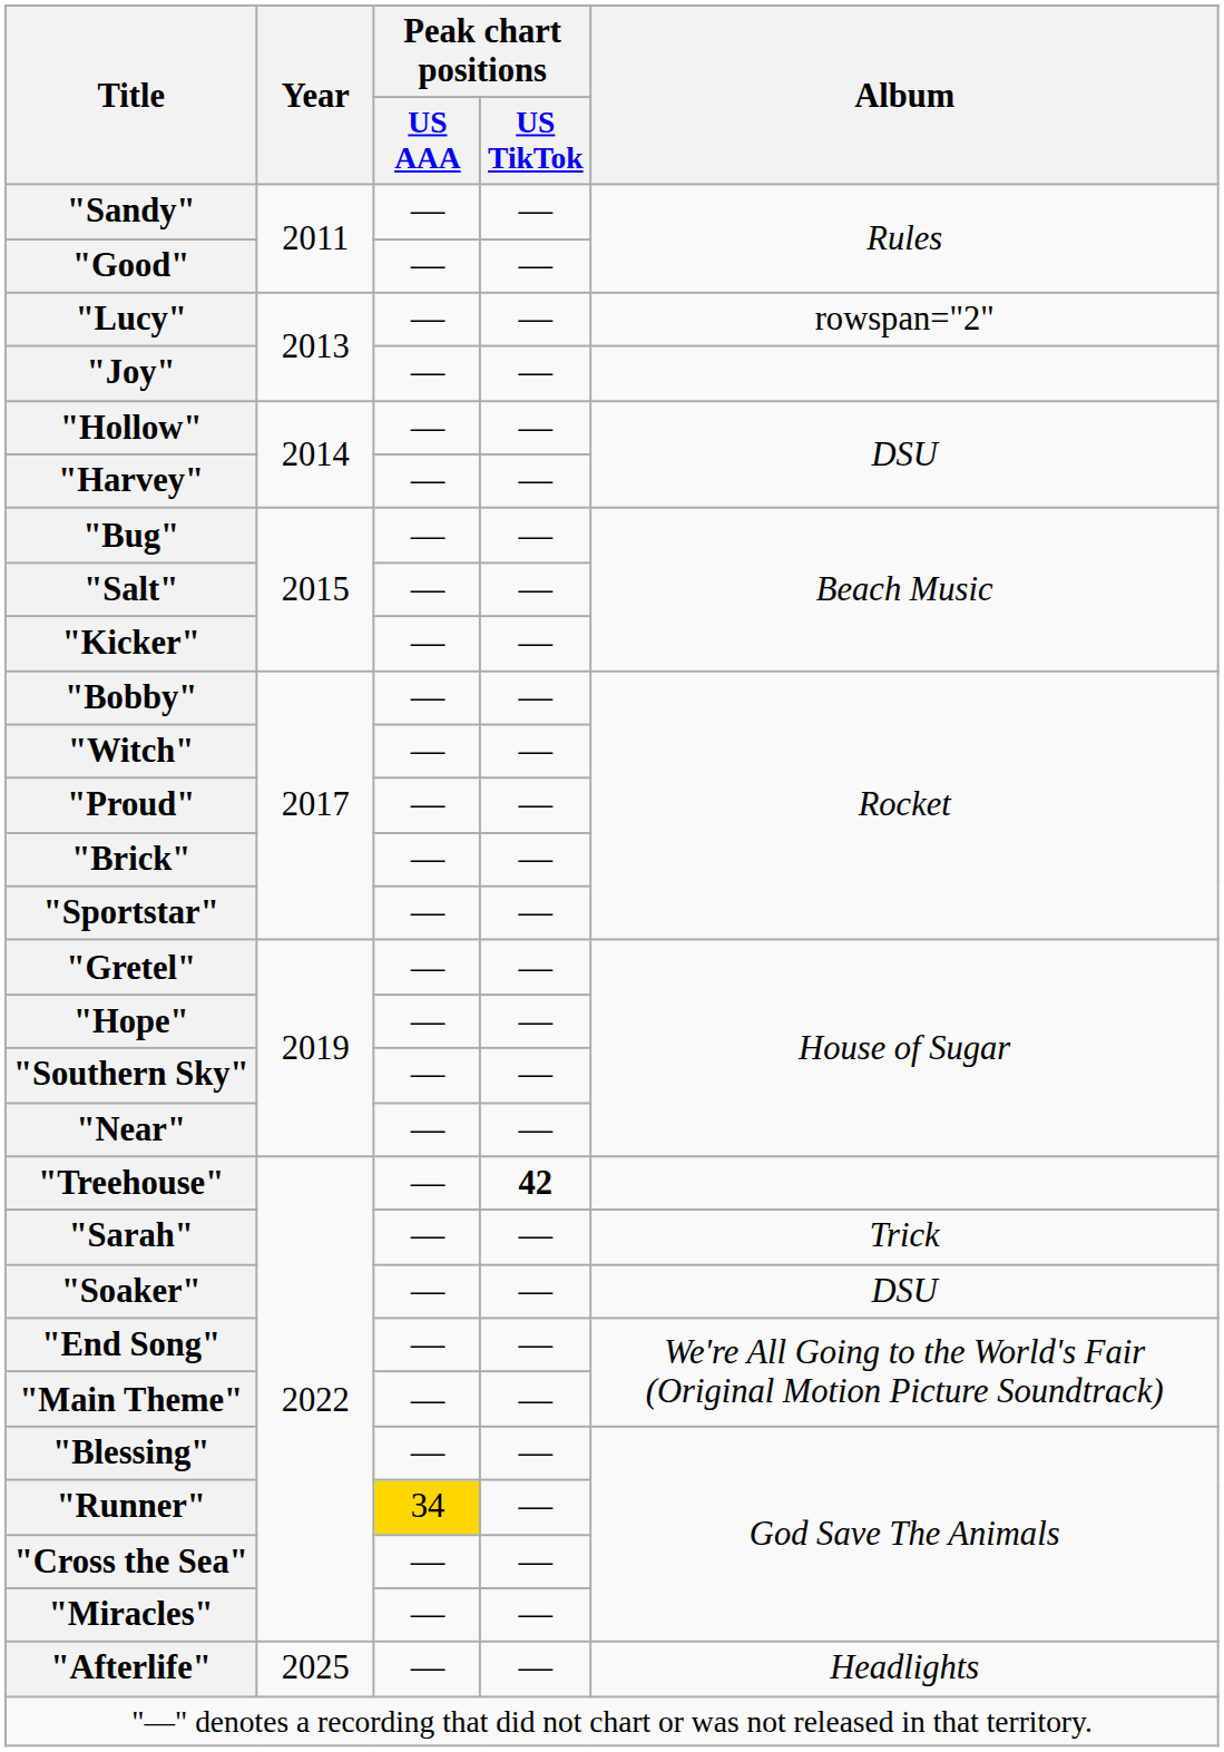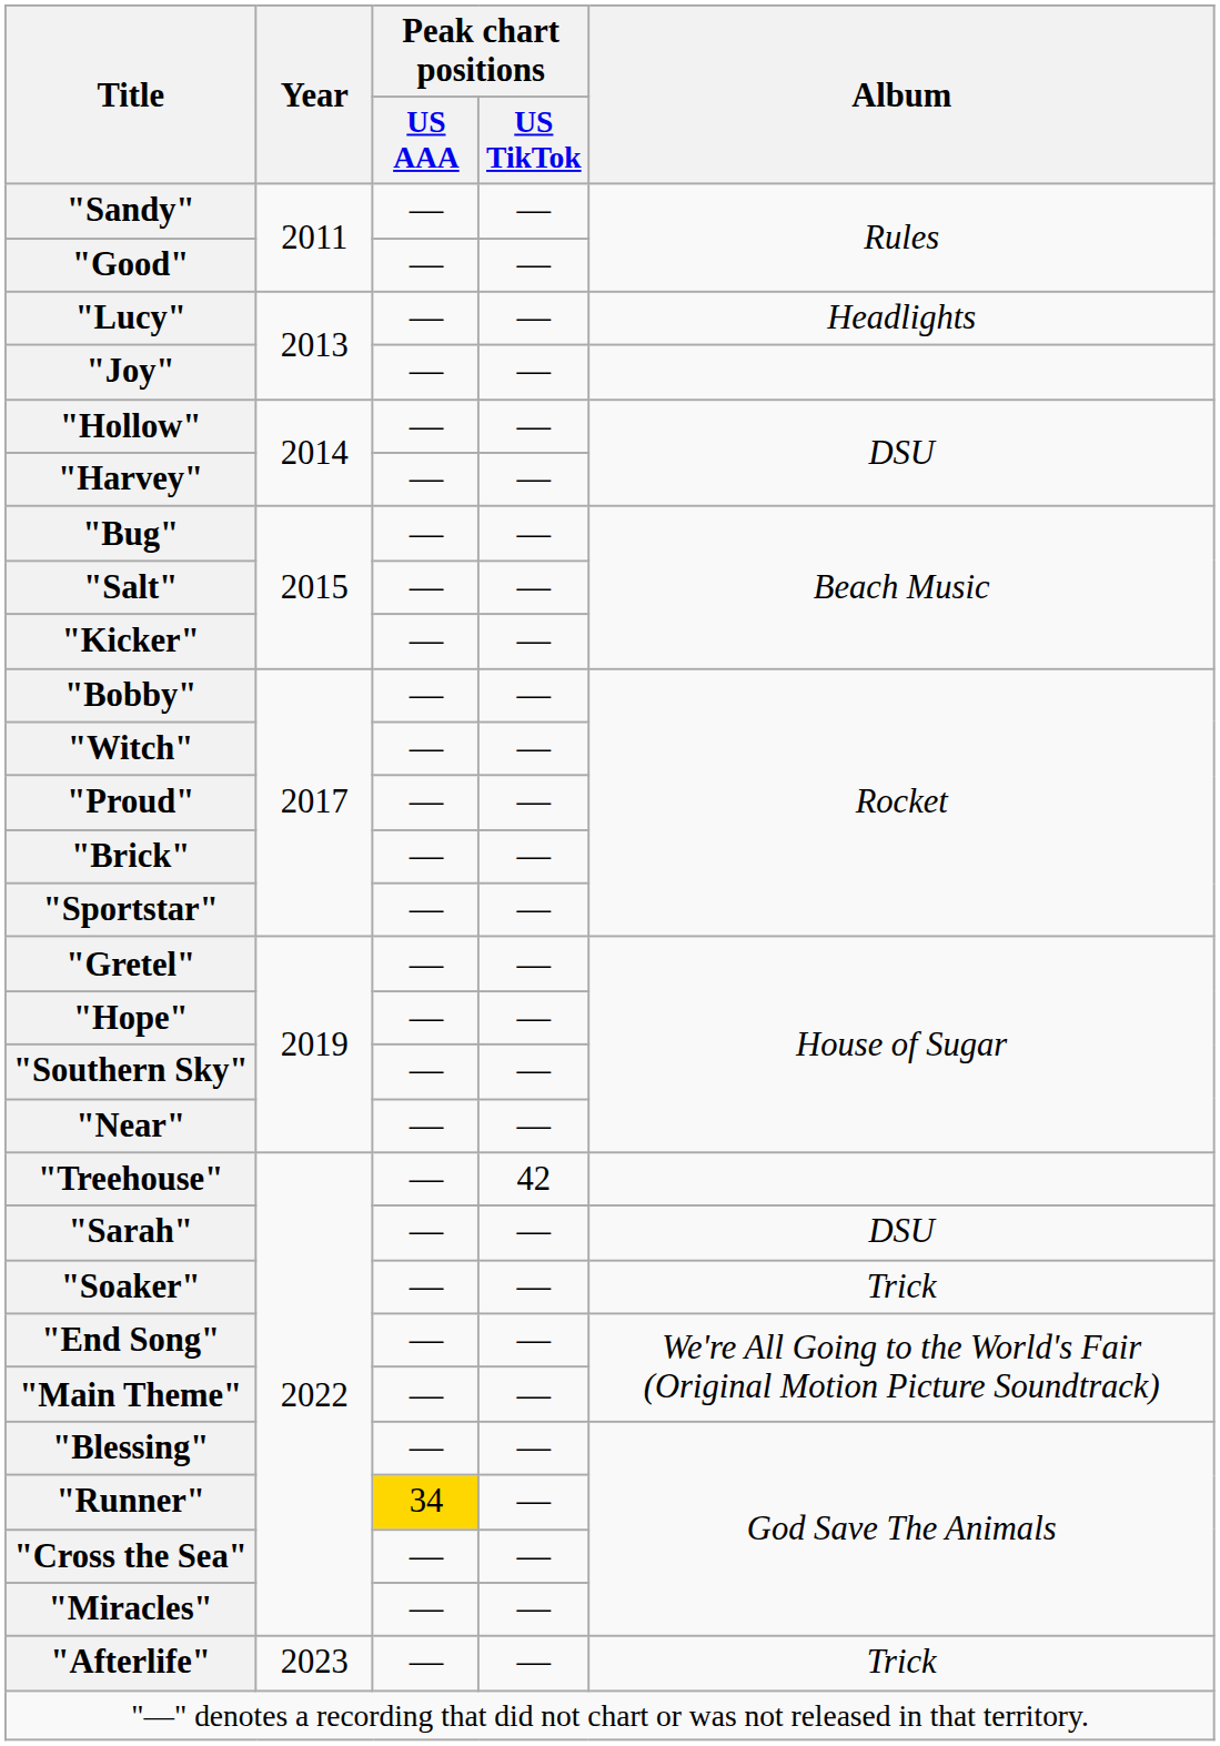 <table class="wikitable plainrowheaders" style="text-align:center;">
 <tr>
 <th scope="col" rowspan="2">Title</th>
 <th scope="col" rowspan="2" style="width:3em;">Year</th>
 <th colspan="2" scope="col">Peak chart positions</th>
 <th scope="col" rowspan="2" style="width:18em">Album</th>
 </tr>
 <tr>
 <th scope="col" style="width:3em;font-size:90%;"><a href='#'>US<br>AAA</a><br></th>
 <th scope="col" style="width:3em;font-size:90%;"><a href='#'>US<br>TikTok</a><br></th>
 </tr>
 <tr>
 <th scope="row">"Sandy"</th>
 <td rowspan="2">2011</td>
 <td>—</td>
 <td>—</td>
 <td rowspan="2"><em>Rules</em></td>
 </tr>
 <tr>
 <th scope="row">"Good"</th>
 <td>—</td>
 <td>—</td>
 </tr>
 <tr>
 <th scope="row">"Lucy"</th>
 <td rowspan="2">2013</td>
 <td>—</td>
 <td>—</td>
-<td>rowspan="2" </td>
+<td><em>Headlights</em></td>
 </tr>
 <tr>
 <th scope="row">"Joy"</th>
 <td>—</td>
 <td>—</td>
 </tr>
 <tr>
 <th scope="row">"Hollow"</th>
 <td rowspan="2">2014</td>
 <td>—</td>
 <td>—</td>
 <td rowspan="2"><em>DSU</em></td>
 </tr>
 <tr>
 <th scope="row">"Harvey"</th>
 <td>—</td>
 <td>—</td>
 </tr>
 <tr>
 <th scope="row">"Bug"</th>
 <td rowspan="3">2015</td>
 <td>—</td>
 <td>—</td>
 <td rowspan="3"><em>Beach Music</em></td>
 </tr>
 <tr>
 <th scope="row">"Salt"</th>
 <td>—</td>
 <td>—</td>
 </tr>
 <tr>
 <th scope="row">"Kicker"</th>
 <td>—</td>
 <td>—</td>
 </tr>
 <tr>
 <th scope="row">"Bobby"</th>
 <td rowspan="5">2017</td>
 <td>—</td>
 <td>—</td>
 <td rowspan="5"><em>Rocket</em></td>
 </tr>
 <tr>
 <th scope="row">"Witch"</th>
 <td>—</td>
 <td>—</td>
 </tr>
 <tr>
 <th scope="row">"Proud"</th>
 <td>—</td>
 <td>—</td>
 </tr>
 <tr>
 <th scope="row">"Brick"</th>
 <td>—</td>
 <td>—</td>
 </tr>
 <tr>
 <th scope="row">"Sportstar"<br></th>
 <td>—</td>
 <td>—</td>
 </tr>
 <tr>
 <th scope="row">"Gretel"</th>
 <td rowspan="4">2019</td>
 <td>—</td>
 <td>—</td>
 <td rowspan="4"><em>House of Sugar</em></td>
 </tr>
 <tr>
 <th scope="row">"Hope"</th>
 <td>—</td>
 <td>—</td>
 </tr>
 <tr>
 <th scope="row">"Southern Sky"</th>
 <td>—</td>
 <td>—</td>
 </tr>
 <tr>
 <th scope="row">"Near"</th>
 <td>—</td>
 <td>—</td>
 </tr>
 <tr>
 <th scope="row">"Treehouse"<br></th>
 <td rowspan="9">2022</td>
 <td>—</td>
-<td><strong>42</strong></td>
+<td>42</td>
 <td></td>
 </tr>
 <tr>
 <th scope="row">"Sarah"</th>
 <td>—</td>
 <td>—</td>
-<td><em>Trick</em></td>
+<td><em>DSU</em></td>
 </tr>
 <tr>
 <th scope="row">"Soaker"</th>
 <td>—</td>
 <td>—</td>
-<td><em>DSU</em></td>
+<td><em>Trick</em></td>
 </tr>
 <tr>
 <th scope="row">"End Song"</th>
 <td>—</td>
 <td>—</td>
 <td rowspan="2"><em>We're All Going to the World's Fair (Original Motion Picture Soundtrack)</em></td>
 </tr>
 <tr>
 <th scope="row">"Main Theme"</th>
 <td>—</td>
 <td>—</td>
 </tr>
 <tr>
 <th scope="row">"Blessing"</th>
 <td>—</td>
 <td>—</td>
 <td rowspan="4"><em>God Save The Animals</em></td>
 </tr>
 <tr>
 <th scope="row">"Runner"</th>
 <td style="background: gold;">34</td>
 <td>—</td>
 </tr>
 <tr>
 <th scope="row">"Cross the Sea"</th>
 <td>—</td>
 <td>—</td>
 </tr>
 <tr>
 <th scope="row">"Miracles"</th>
 <td>—</td>
 <td>—</td>
 </tr>
 <tr>
 <th scope="row">"Afterlife"</th>
-<td>2025</td>
+<td>2023</td>
 <td>—</td>
 <td>—</td>
-<td><em>Headlights</em></td>
+<td><em>Trick</em></td>
 </tr>
 <tr>
 <td colspan="5" style="font-size:90%">"—" denotes a recording that did not chart or was not released in that territory.</td>
 </tr>
 </table>
